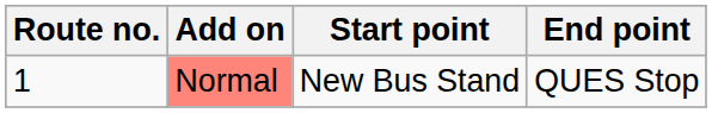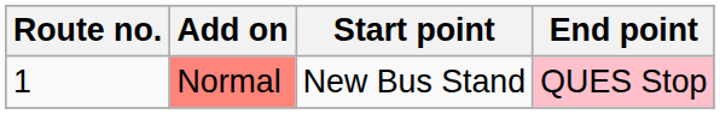 <table class="wikitable">
 <tr>
 <th>Route no.</th>
 <th>Add on</th>
 <th>Start point</th>
 <th>End point</th>
 </tr>
 <tr>
 <td rowspan="2">1</td>
 <td style="background:#ff847a">Normal</td>
 <td>New Bus Stand</td>
-<td>QUES Stop</td>
+<td style="background: pink;">QUES Stop</td>
 </tr>
 </table>
